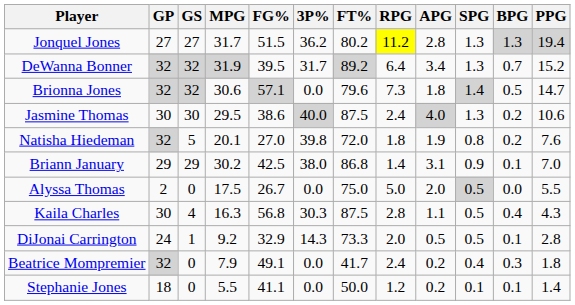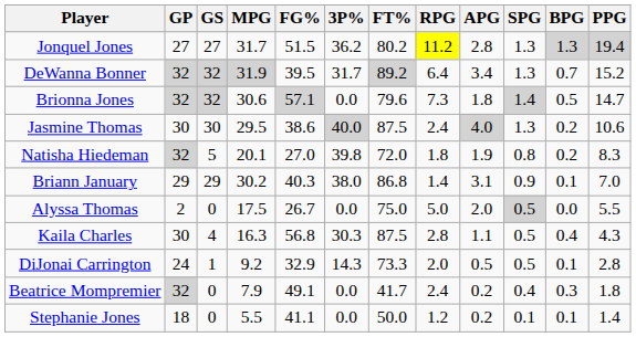 <table class="wikitable sortable" style="text-align:center;">
 <tr>
 <th>Player</th>
 <th>GP</th>
 <th>GS</th>
 <th>MPG</th>
 <th>FG%</th>
 <th>3P%</th>
 <th>FT%</th>
 <th>RPG</th>
 <th>APG</th>
 <th>SPG</th>
 <th>BPG</th>
 <th>PPG</th>
 </tr>
 <tr>
 <td><a href='#'>Jonquel Jones</a></td>
 <td>27</td>
 <td>27</td>
 <td>31.7</td>
 <td>51.5</td>
 <td>36.2</td>
 <td>80.2</td>
 <td style="background:yellow;">11.2</td>
 <td>2.8</td>
 <td>1.3</td>
 <td style="background:#D3D3D3;">1.3</td>
 <td style="background:#D3D3D3;">19.4</td>
 </tr>
 <tr>
 <td><a href='#'>DeWanna Bonner</a></td>
 <td style="background:#D3D3D3;">32</td>
 <td style="background:#D3D3D3;">32</td>
 <td style="background:#D3D3D3;">31.9</td>
 <td>39.5</td>
 <td>31.7</td>
 <td style="background:#D3D3D3;">89.2</td>
 <td>6.4</td>
 <td>3.4</td>
 <td>1.3</td>
 <td>0.7</td>
 <td>15.2</td>
 </tr>
 <tr>
 <td><a href='#'>Brionna Jones</a></td>
 <td style="background:#D3D3D3;">32</td>
 <td style="background:#D3D3D3;">32</td>
 <td>30.6</td>
 <td style="background:#D3D3D3;">57.1</td>
 <td>0.0</td>
 <td>79.6</td>
 <td>7.3</td>
 <td>1.8</td>
 <td style="background:#D3D3D3;">1.4</td>
 <td>0.5</td>
 <td>14.7</td>
 </tr>
 <tr>
 <td><a href='#'>Jasmine Thomas</a></td>
 <td>30</td>
 <td>30</td>
 <td>29.5</td>
 <td>38.6</td>
 <td style="background:#D3D3D3;">40.0</td>
 <td>87.5</td>
 <td>2.4</td>
 <td style="background:#D3D3D3;">4.0</td>
 <td>1.3</td>
 <td>0.2</td>
 <td>10.6</td>
 </tr>
 <tr>
 <td><a href='#'>Natisha Hiedeman</a></td>
 <td style="background:#D3D3D3;">32</td>
 <td>5</td>
 <td>20.1</td>
 <td>27.0</td>
 <td>39.8</td>
 <td>72.0</td>
 <td>1.8</td>
 <td>1.9</td>
 <td>0.8</td>
 <td>0.2</td>
-<td>7.6</td>
+<td>8.3</td>
 </tr>
 <tr>
 <td><a href='#'>Briann January</a></td>
 <td>29</td>
 <td>29</td>
 <td>30.2</td>
-<td>42.5</td>
+<td>40.3</td>
 <td>38.0</td>
 <td>86.8</td>
 <td>1.4</td>
 <td>3.1</td>
 <td>0.9</td>
 <td>0.1</td>
 <td>7.0</td>
 </tr>
 <tr>
 <td><a href='#'>Alyssa Thomas</a></td>
 <td>2</td>
 <td>0</td>
 <td>17.5</td>
 <td>26.7</td>
 <td>0.0</td>
 <td>75.0</td>
 <td>5.0</td>
 <td>2.0</td>
 <td style="background: lightgrey;">0.5</td>
 <td>0.0</td>
 <td>5.5</td>
 </tr>
 <tr>
 <td><a href='#'>Kaila Charles</a></td>
 <td>30</td>
 <td>4</td>
 <td>16.3</td>
 <td>56.8</td>
 <td>30.3</td>
 <td>87.5</td>
 <td>2.8</td>
 <td>1.1</td>
 <td>0.5</td>
 <td>0.4</td>
 <td>4.3</td>
 </tr>
 <tr>
 <td><a href='#'>DiJonai Carrington</a></td>
 <td>24</td>
 <td>1</td>
 <td>9.2</td>
 <td>32.9</td>
 <td>14.3</td>
 <td>73.3</td>
 <td>2.0</td>
 <td>0.5</td>
 <td>0.5</td>
 <td>0.1</td>
 <td>2.8</td>
 </tr>
 <tr>
 <td><a href='#'>Beatrice Mompremier</a></td>
 <td style="background:#D3D3D3;">32</td>
 <td>0</td>
 <td>7.9</td>
 <td>49.1</td>
 <td>0.0</td>
 <td>41.7</td>
 <td>2.4</td>
 <td>0.2</td>
 <td>0.4</td>
 <td>0.3</td>
 <td>1.8</td>
 </tr>
 <tr>
 <td><a href='#'>Stephanie Jones</a></td>
 <td>18</td>
 <td>0</td>
 <td>5.5</td>
 <td>41.1</td>
 <td>0.0</td>
 <td>50.0</td>
 <td>1.2</td>
 <td>0.2</td>
 <td>0.1</td>
 <td>0.1</td>
 <td>1.4</td>
 </tr>
 </table>
